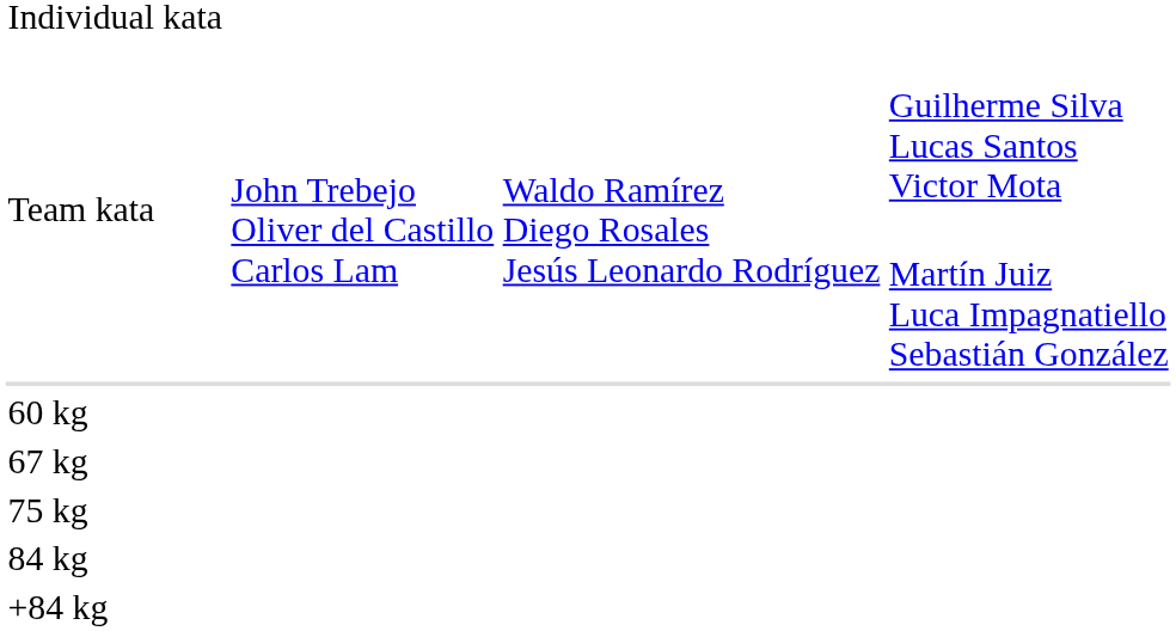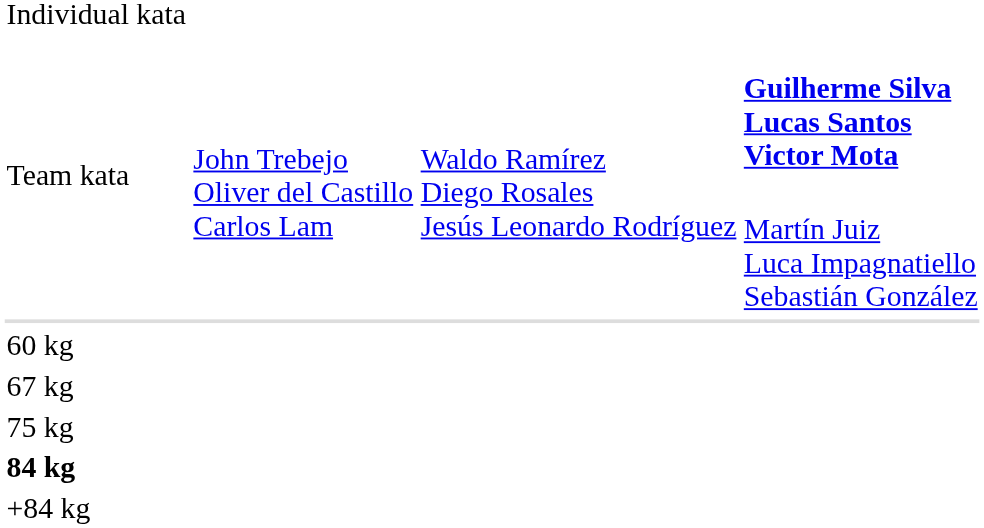 <table>
 <tr>
 <td rowspan=2>Individual kata<br></td>
 <td rowspan=2></td>
 <td rowspan=2></td>
 <td></td>
 </tr>
 <tr>
 <td></td>
 </tr>
 <tr>
 <td rowspan=2>Team kata<br></td>
 <td rowspan=2><br><a href='#'>John Trebejo</a><br><a href='#'>Oliver del Castillo</a><br><a href='#'>Carlos Lam</a></td>
 <td rowspan=2><br><a href='#'>Waldo Ramírez</a><br><a href='#'>Diego Rosales</a><br><a href='#'>Jesús Leonardo Rodríguez</a></td>
-<td><br><a href='#'>Guilherme Silva</a><br><a href='#'>Lucas Santos</a><br><a href='#'>Victor Mota</a></td>
+<td><strong><br><a href='#'>Guilherme Silva</a><br><a href='#'>Lucas Santos</a><br><a href='#'>Victor Mota</a></strong></td>
 </tr>
 <tr>
 <td><br><a href='#'>Martín Juiz</a><br><a href='#'>Luca Impagnatiello</a><br><a href='#'>Sebastián González</a></td>
 </tr>
 <tr bgcolor=#DDDDDD>
 <td colspan=7></td>
 </tr>
 <tr>
 <td rowspan=2>60 kg<br></td>
 <td rowspan=2></td>
 <td rowspan=2></td>
 <td></td>
 </tr>
 <tr>
 <td></td>
 </tr>
 <tr>
 <td rowspan=2>67 kg<br></td>
 <td rowspan=2></td>
 <td rowspan=2></td>
 <td></td>
 </tr>
 <tr>
 <td></td>
 </tr>
 <tr>
 <td rowspan=2>75 kg<br></td>
 <td rowspan=2></td>
 <td rowspan=2></td>
 <td></td>
 </tr>
 <tr>
 <td></td>
 </tr>
 <tr>
-<td>84 kg<br></td>
+<td><strong>84 kg<br></strong></td>
 <td></td>
 <td></td>
 <td></td>
 </tr>
 <tr>
 <td rowspan=2>+84 kg<br></td>
 <td rowspan=2></td>
 <td rowspan=2></td>
 <td></td>
 </tr>
 <tr>
 <td></td>
 </tr>
 </table>
